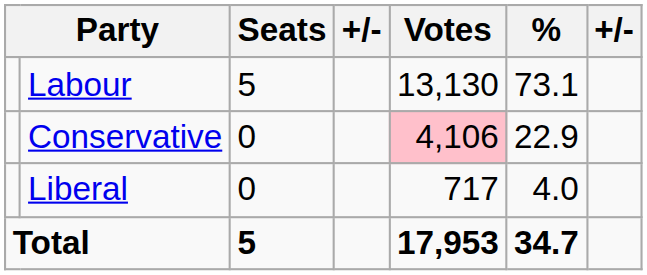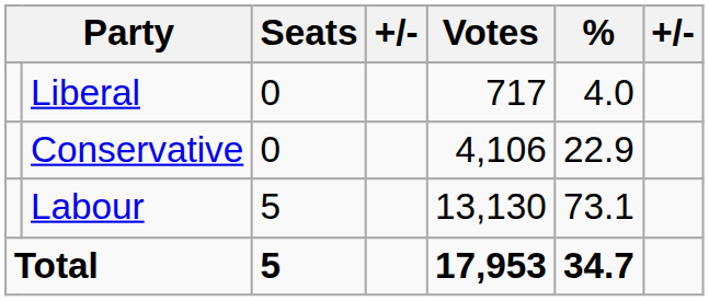 <table class="wikitable sortable">
 <tr>
 <th colspan="2">Party</th>
 <th>Seats</th>
 <th>+/-</th>
 <th>Votes</th>
 <th>%</th>
 <th>+/-</th>
 </tr>
 <tr>
 <td style="background-color: "></td>
-<td><a href='#'>Labour</a></td>
-<td>5</td>
+<td><a href='#'>Liberal</a></td>
+<td>0</td>
 <td></td>
-<td style="text-align:right;">13,130</td>
-<td style="text-align:right;">73.1</td>
+<td style="text-align:right;">717</td>
+<td style="text-align:right;">4.0</td>
 <td style="text-align:right;"></td>
 </tr>
 <tr>
 <td style="background-color: "></td>
 <td><a href='#'>Conservative</a></td>
 <td>0</td>
 <td></td>
-<td style="background: pink; text-align:right;">4,106</td>
+<td style="text-align:right;">4,106</td>
 <td style="text-align:right;">22.9</td>
 <td style="text-align:right;"></td>
 </tr>
 <tr>
 <td style="background-color: "></td>
-<td><a href='#'>Liberal</a></td>
-<td>0</td>
+<td><a href='#'>Labour</a></td>
+<td>5</td>
 <td></td>
-<td style="text-align:right;">717</td>
-<td style="text-align:right;">4.0</td>
+<td style="text-align:right;">13,130</td>
+<td style="text-align:right;">73.1</td>
 <td style="text-align:right;"></td>
 </tr>
 <tr>
 <td colspan="2"><strong>Total</strong></td>
 <td><strong>5</strong></td>
 <td></td>
 <td style="text-align:right;"><strong>17,953</strong></td>
 <td style="text-align:right;"><strong>34.7</strong></td>
 <td></td>
 </tr>
 </table>
